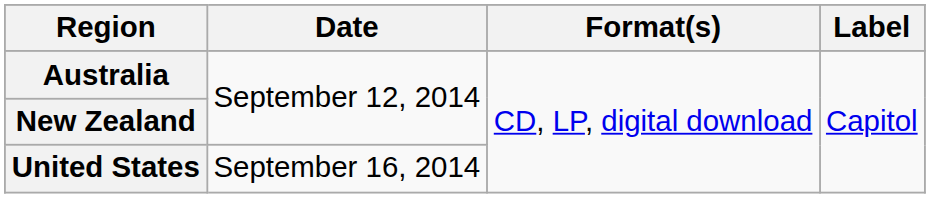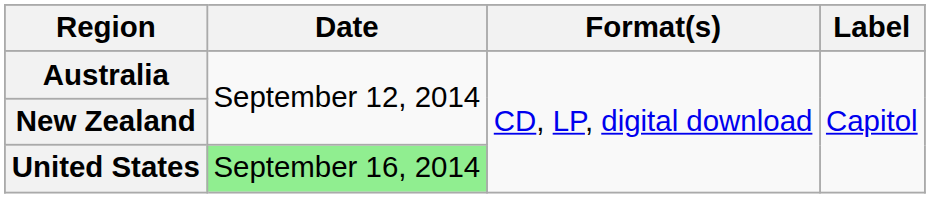 <table class="wikitable plainrowheaders">
 <tr>
 <th scope="col">Region</th>
 <th scope="col">Date</th>
 <th scope="col">Format(s)</th>
 <th scope="col">Label</th>
 </tr>
 <tr>
 <th scope="row">Australia</th>
 <td rowspan="2">September 12, 2014</td>
 <td rowspan="3"><a href='#'>CD</a>, <a href='#'>LP</a>, <a href='#'>digital download</a></td>
 <td rowspan="3"><a href='#'>Capitol</a></td>
 </tr>
 <tr>
 <th scope="row">New Zealand</th>
 </tr>
 <tr>
 <th scope="row">United States</th>
-<td>September 16, 2014</td>
+<td style="background: lightgreen;">September 16, 2014</td>
 </tr>
 </table>
